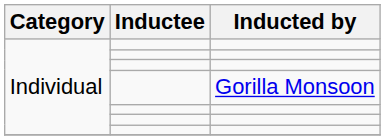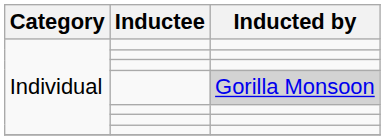 <table class="wikitable">
 <tr>
 <th>Category</th>
 <th>Inductee</th>
 <th>Inducted by</th>
 </tr>
 <tr>
 <td rowspan="7">Individual</td>
 <td></td>
 <td></td>
 </tr>
 <tr>
 <td></td>
 <td></td>
 </tr>
 <tr>
 <td></td>
 <td></td>
 </tr>
 <tr>
 <td></td>
-<td><a href='#'>Gorilla Monsoon</a></td>
+<td style="background: lightgrey;"><a href='#'>Gorilla Monsoon</a></td>
 </tr>
 <tr>
 <td></td>
 <td></td>
 </tr>
 <tr>
 <td></td>
 <td></td>
 </tr>
 <tr>
 <td></td>
 <td></td>
 </tr>
 <tr>
 </tr>
 </table>
